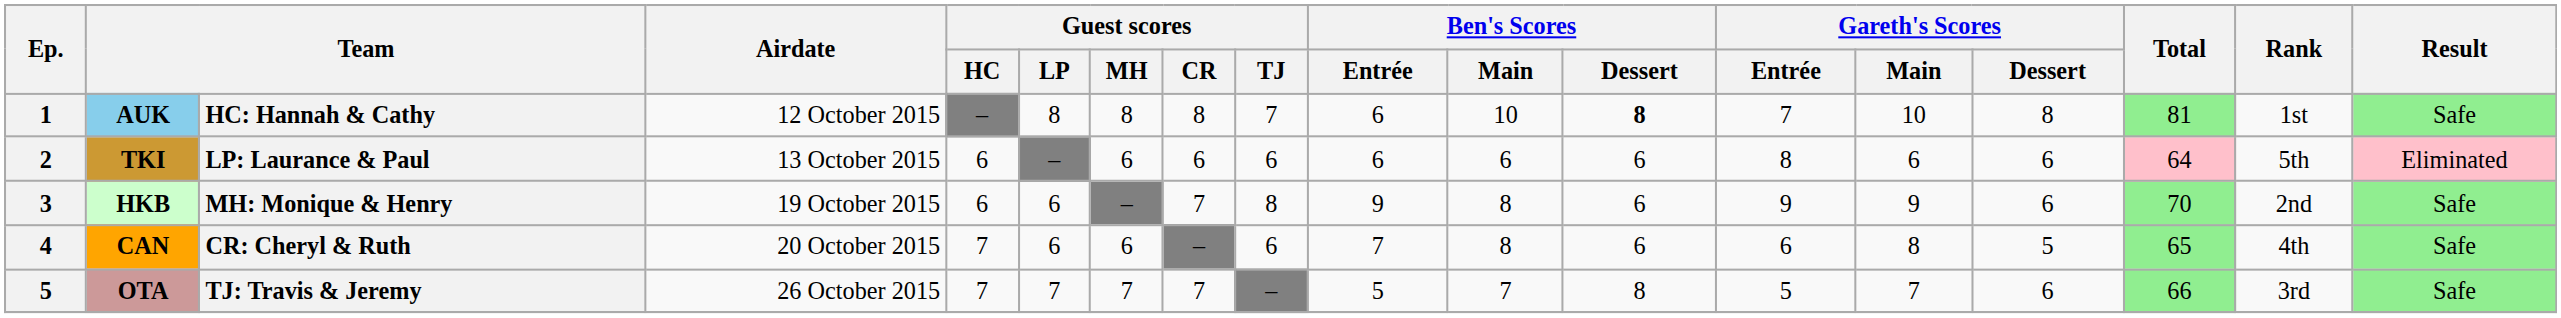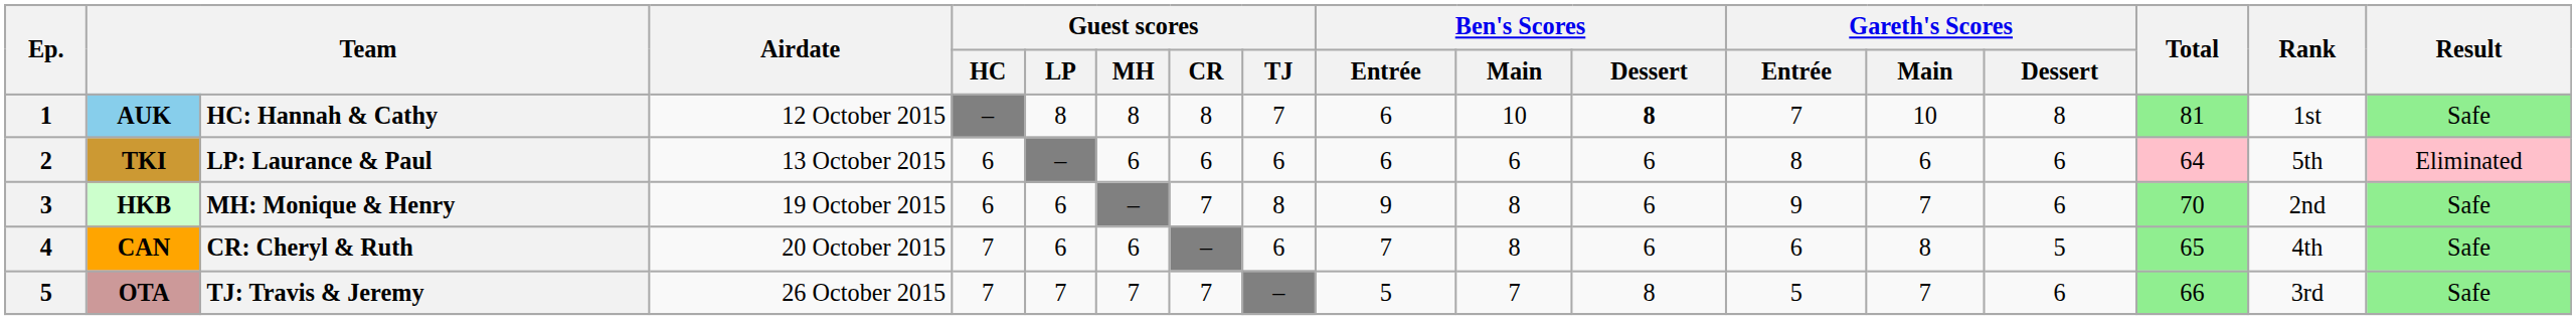 <table class="wikitable" style="text-align: center; font-size: 9pt; line-height:16px; width:100%">
 <tr>
 <th scope="col" rowspan="2">Ep.</th>
 <th colspan="2" rowspan="2">Team</th>
 <th scope="col" rowspan="2">Airdate</th>
 <th colspan="5" scope="col">Guest scores</th>
 <th scope="col" colspan="3"><a href='#'>Ben's Scores</a></th>
 <th scope="col" colspan="3"><a href='#'>Gareth's Scores</a></th>
 <th scope="col" rowspan="2">Total<br><small></small></th>
 <th rowspan="2">Rank</th>
 <th scope="col" rowspan="2">Result</th>
 </tr>
 <tr>
 <th scope="col" style="width:2.5em;">HC</th>
 <th scope="col" style="width:2.5em;">LP</th>
 <th scope="col" style="width:2.5em;">MH</th>
 <th scope="col" style="width:2.5em;">CR</th>
 <th scope="col" style="width:2.5em;">TJ</th>
 <th scope="col">Entrée</th>
 <th scope="col">Main</th>
 <th scope="col">Dessert</th>
 <th scope="col">Entrée</th>
 <th scope="col">Main</th>
 <th scope="col">Dessert</th>
 </tr>
 <tr>
 <th>1</th>
 <th scope="row" align="left" style="background-color:skyblue;">AUK</th>
 <th scope="row" style="text-align:left;">HC: Hannah & Cathy</th>
 <td style="text-align:right;">12 October 2015</td>
 <td bgcolor="808080">–</td>
 <td>8</td>
 <td>8</td>
 <td>8</td>
 <td>7</td>
 <td>6</td>
 <td>10</td>
 <td><strong>8</strong></td>
 <td>7</td>
 <td>10</td>
 <td>8</td>
 <td bgcolor="lightgreen">81</td>
 <td>1st</td>
 <td bgcolor="lightgreen">Safe</td>
 </tr>
 <tr>
 <th>2</th>
 <th scope="row" align="left" style="background:#CC9933;">TKI</th>
 <th scope="row" style="text-align:left;">LP: Laurance & Paul</th>
 <td style="text-align:right;">13 October 2015</td>
 <td>6</td>
 <td bgcolor="808080">–</td>
 <td>6</td>
 <td>6</td>
 <td>6</td>
 <td>6</td>
 <td>6</td>
 <td>6</td>
 <td>8</td>
 <td>6</td>
 <td>6</td>
 <td bgcolor="pink">64</td>
 <td>5th</td>
 <td bgcolor="pink">Eliminated </td>
 </tr>
 <tr>
 <th>3</th>
 <th scope="row" align="left" style="background:#CCFFCC;">HKB</th>
 <th scope="row" style="text-align:left;">MH: Monique & Henry</th>
 <td style="text-align:right;">19 October 2015</td>
 <td>6</td>
 <td>6</td>
 <td bgcolor="808080">–</td>
 <td>7</td>
 <td>8</td>
 <td>9</td>
 <td>8</td>
 <td>6</td>
 <td>9</td>
-<td>9</td>
+<td>7</td>
 <td>6</td>
 <td bgcolor="lightgreen">70</td>
 <td>2nd</td>
 <td bgcolor="lightgreen">Safe</td>
 </tr>
 <tr>
 <th>4</th>
 <th scope="row" align="left" style="background:orange;">CAN</th>
 <th scope="row" style="text-align:left;">CR: Cheryl & Ruth</th>
 <td style="text-align:right;">20 October 2015</td>
 <td>7</td>
 <td>6</td>
 <td>6</td>
 <td bgcolor="808080">–</td>
 <td>6</td>
 <td>7</td>
 <td>8</td>
 <td>6</td>
 <td>6</td>
 <td>8</td>
 <td>5</td>
 <td bgcolor="lightgreen">65</td>
 <td>4th</td>
 <td bgcolor="lightgreen">Safe</td>
 </tr>
 <tr>
 <th>5</th>
 <th scope="row" align="left" style="background-color:#CC9999;">OTA</th>
 <th scope="row" style="text-align:left;">TJ: Travis & Jeremy</th>
 <td style="text-align:right;">26 October 2015</td>
 <td>7</td>
 <td>7</td>
 <td>7</td>
 <td>7</td>
 <td bgcolor="808080">–</td>
 <td>5</td>
 <td>7</td>
 <td>8</td>
 <td>5</td>
 <td>7</td>
 <td>6</td>
 <td bgcolor="lightgreen">66</td>
 <td>3rd</td>
 <td bgcolor="lightgreen">Safe</td>
 </tr>
 <tr>
 </tr>
 </table>
